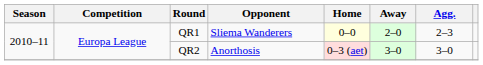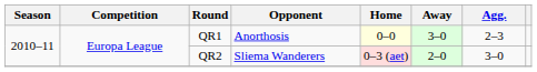 <table class="wikitable" style="font-size:95%; text-align: center;">
 <tr>
 <th width="60">Season</th>
 <th width="150">Competition</th>
 <th width="30">Round</th>
 <th width="150">Opponent</th>
 <th width="55">Home</th>
 <th width="55">Away</th>
 <th width="70"><a href='#'>Agg.</a></th>
 <th></th>
 </tr>
 <tr>
 <td rowspan=2>2010–11</td>
 <td rowspan=2><a href='#'>Europa League</a></td>
 <td>QR1</td>
-<td align="left"> <a href='#'>Sliema Wanderers</a></td>
+<td align="left"> <a href='#'>Anorthosis</a></td>
 <td bgcolor="#ffffdd">0–0</td>
-<td bgcolor="#ddffdd">2–0</td>
+<td bgcolor="#ddffdd">3–0</td>
 <td>2–3</td>
 <td></td>
 </tr>
 <tr>
 <td>QR2</td>
-<td align="left"> <a href='#'>Anorthosis</a></td>
+<td align="left"> <a href='#'>Sliema Wanderers</a></td>
 <td bgcolor="#ffdddd">0–3 (<a href='#'>aet</a>)</td>
-<td bgcolor="#ddffdd">3–0</td>
+<td bgcolor="#ddffdd">2–0</td>
 <td>3–0</td>
 <td></td>
 </tr>
 <tr>
 </tr>
 </table>
